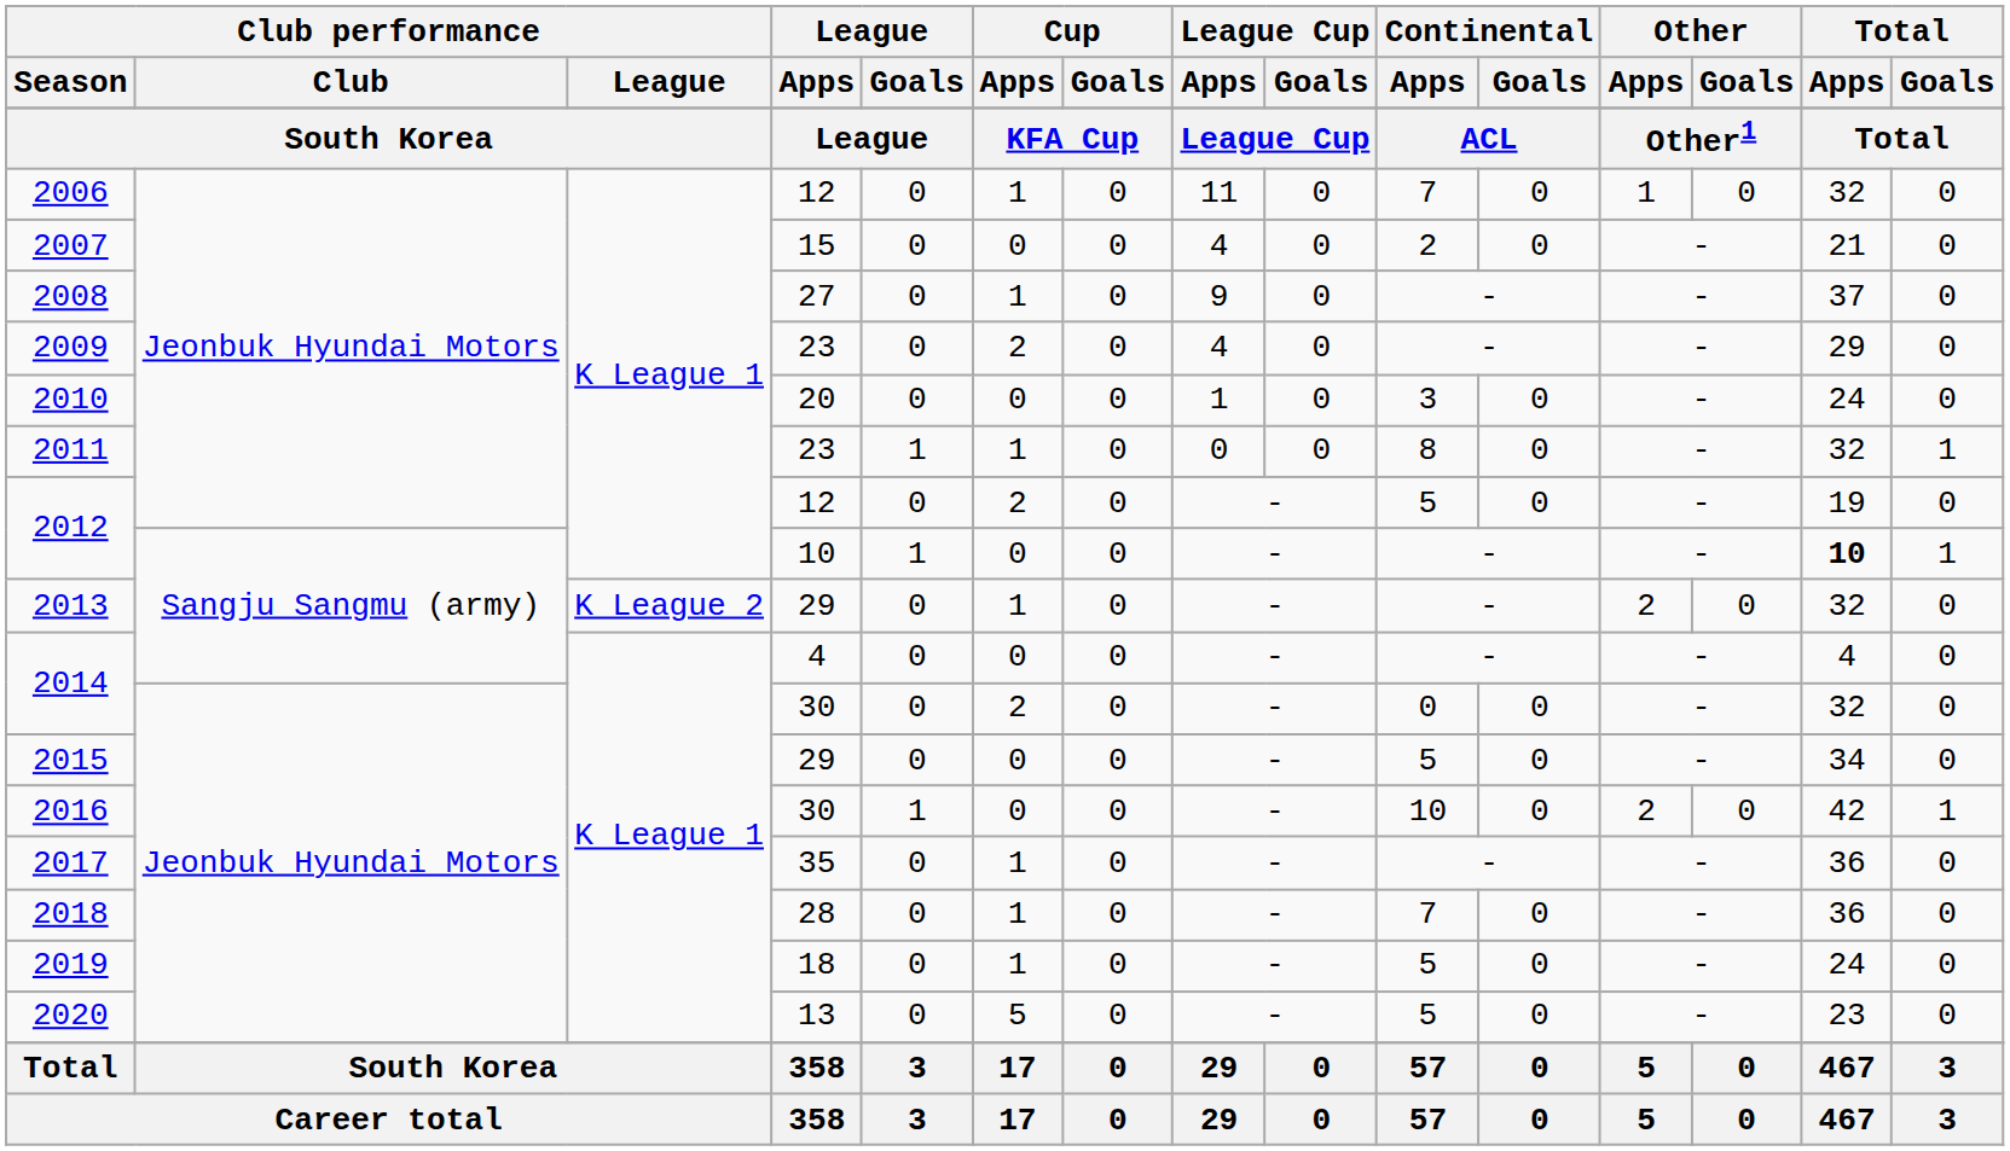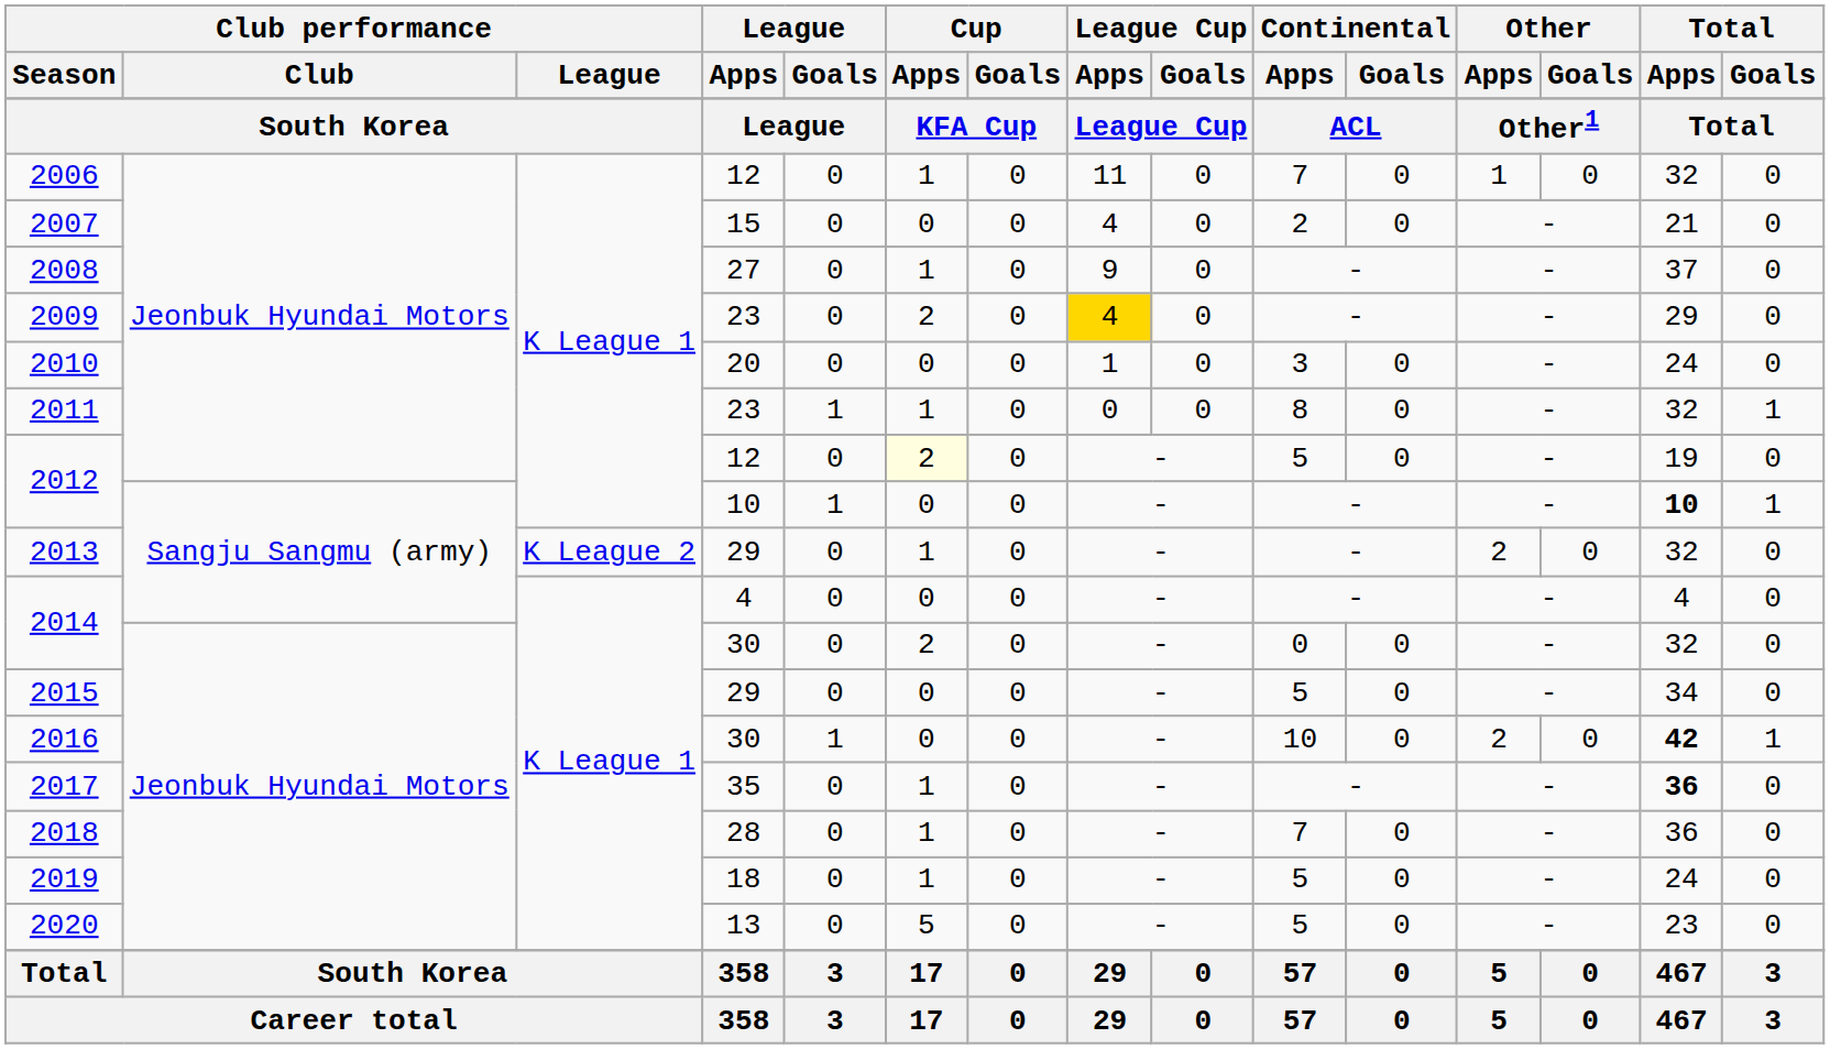 <table class="wikitable" style="text-align:center">
 <tr>
 <th colspan=3>Club performance</th>
 <th colspan=2>League</th>
 <th colspan=2>Cup</th>
 <th colspan=2>League Cup</th>
 <th colspan=2>Continental</th>
 <th colspan=2>Other</th>
 <th colspan=2>Total</th>
 </tr>
 <tr>
 <th>Season</th>
 <th>Club</th>
 <th>League</th>
 <th>Apps</th>
 <th>Goals</th>
 <th>Apps</th>
 <th>Goals</th>
 <th>Apps</th>
 <th>Goals</th>
 <th>Apps</th>
 <th>Goals</th>
 <th>Apps</th>
 <th>Goals</th>
 <th>Apps</th>
 <th>Goals</th>
 </tr>
 <tr>
 </tr>
 <tr>
 <th colspan=3>South Korea</th>
 <th colspan=2>League</th>
 <th colspan=2><a href='#'>KFA Cup</a></th>
 <th colspan=2><a href='#'>League Cup</a></th>
 <th colspan=2><a href='#'>ACL</a></th>
 <th colspan=2>Other<sup><a href='#'>1</a></sup></th>
 <th colspan=2>Total</th>
 </tr>
 <tr>
 <td><a href='#'>2006</a></td>
 <td rowspan="7"><a href='#'>Jeonbuk Hyundai Motors</a></td>
 <td rowspan="8"><a href='#'>K League 1</a></td>
 <td>12</td>
 <td>0</td>
 <td>1</td>
 <td>0</td>
 <td>11</td>
 <td>0</td>
 <td>7</td>
 <td>0</td>
 <td>1</td>
 <td>0</td>
 <td>32</td>
 <td>0</td>
 </tr>
 <tr>
 <td><a href='#'>2007</a></td>
 <td>15</td>
 <td>0</td>
 <td>0</td>
 <td>0</td>
 <td>4</td>
 <td>0</td>
 <td>2</td>
 <td>0</td>
 <td colspan="2">-</td>
 <td>21</td>
 <td>0</td>
 </tr>
 <tr>
 <td><a href='#'>2008</a></td>
 <td>27</td>
 <td>0</td>
 <td>1</td>
 <td>0</td>
 <td>9</td>
 <td>0</td>
 <td colspan="2">-</td>
 <td colspan="2">-</td>
 <td>37</td>
 <td>0</td>
 </tr>
 <tr>
 <td><a href='#'>2009</a></td>
 <td>23</td>
 <td>0</td>
 <td>2</td>
 <td>0</td>
-<td>4</td>
+<td style="background: gold;">4</td>
 <td>0</td>
 <td colspan="2">-</td>
 <td colspan="2">-</td>
 <td>29</td>
 <td>0</td>
 </tr>
 <tr>
 <td><a href='#'>2010</a></td>
 <td>20</td>
 <td>0</td>
 <td>0</td>
 <td>0</td>
 <td>1</td>
 <td>0</td>
 <td>3</td>
 <td>0</td>
 <td colspan="2">-</td>
 <td>24</td>
 <td>0</td>
 </tr>
 <tr>
 <td><a href='#'>2011</a></td>
 <td>23</td>
 <td>1</td>
 <td>1</td>
 <td>0</td>
 <td>0</td>
 <td>0</td>
 <td>8</td>
 <td>0</td>
 <td colspan="2">-</td>
 <td>32</td>
 <td>1</td>
 </tr>
 <tr>
 <td rowspan="2"><a href='#'>2012</a></td>
 <td>12</td>
 <td>0</td>
-<td>2</td>
+<td style="background: lightyellow;">2</td>
 <td>0</td>
 <td colspan="2">-</td>
 <td>5</td>
 <td>0</td>
 <td colspan="2">-</td>
 <td>19</td>
 <td>0</td>
 </tr>
 <tr>
 <td rowspan="3"><a href='#'>Sangju Sangmu</a> (army)</td>
 <td>10</td>
 <td>1</td>
 <td>0</td>
 <td>0</td>
 <td colspan="2">-</td>
 <td colspan="2">-</td>
 <td colspan="2">-</td>
 <td><strong>10</strong></td>
 <td>1</td>
 </tr>
 <tr>
 <td><a href='#'>2013</a></td>
 <td><a href='#'>K League 2</a></td>
 <td>29</td>
 <td>0</td>
 <td>1</td>
 <td>0</td>
 <td colspan="2">-</td>
 <td colspan="2">-</td>
 <td>2</td>
 <td>0</td>
 <td>32</td>
 <td>0</td>
 </tr>
 <tr>
 <td rowspan="2"><a href='#'>2014</a></td>
 <td rowspan="8"><a href='#'>K League 1</a></td>
 <td>4</td>
 <td>0</td>
 <td>0</td>
 <td>0</td>
 <td colspan="2">-</td>
 <td colspan="2">-</td>
 <td colspan="2">-</td>
 <td>4</td>
 <td>0</td>
 </tr>
 <tr>
 <td rowspan="7"><a href='#'>Jeonbuk Hyundai Motors</a></td>
 <td>30</td>
 <td>0</td>
 <td>2</td>
 <td>0</td>
 <td colspan="2">-</td>
 <td>0</td>
 <td>0</td>
 <td colspan="2">-</td>
 <td>32</td>
 <td>0</td>
 </tr>
 <tr>
 <td><a href='#'>2015</a></td>
 <td>29</td>
 <td>0</td>
 <td>0</td>
 <td>0</td>
 <td colspan="2">-</td>
 <td>5</td>
 <td>0</td>
 <td colspan="2">-</td>
 <td>34</td>
 <td>0</td>
 </tr>
 <tr>
 <td><a href='#'>2016</a></td>
 <td>30</td>
 <td>1</td>
 <td>0</td>
 <td>0</td>
 <td colspan="2">-</td>
 <td>10</td>
 <td>0</td>
 <td>2</td>
 <td>0</td>
-<td>42</td>
+<td><strong>42</strong></td>
 <td>1</td>
 </tr>
 <tr>
 <td><a href='#'>2017</a></td>
 <td>35</td>
 <td>0</td>
 <td>1</td>
 <td>0</td>
 <td colspan="2">-</td>
 <td colspan="2">-</td>
 <td colspan="2">-</td>
-<td>36</td>
+<td><strong>36</strong></td>
 <td>0</td>
 </tr>
 <tr>
 <td><a href='#'>2018</a></td>
 <td>28</td>
 <td>0</td>
 <td>1</td>
 <td>0</td>
 <td colspan="2">-</td>
 <td>7</td>
 <td>0</td>
 <td colspan="2">-</td>
 <td>36</td>
 <td>0</td>
 </tr>
 <tr>
 <td><a href='#'>2019</a></td>
 <td>18</td>
 <td>0</td>
 <td>1</td>
 <td>0</td>
 <td colspan="2">-</td>
 <td>5</td>
 <td>0</td>
 <td colspan="2">-</td>
 <td>24</td>
 <td>0</td>
 </tr>
 <tr>
 <td><a href='#'>2020</a></td>
 <td>13</td>
 <td>0</td>
 <td>5</td>
 <td>0</td>
 <td colspan="2">-</td>
 <td>5</td>
 <td>0</td>
 <td colspan="2">-</td>
 <td>23</td>
 <td>0</td>
 </tr>
 <tr>
 </tr>
 <tr>
 <th rowspan=1>Total</th>
 <th colspan=2>South Korea</th>
 <th>358</th>
 <th>3</th>
 <th>17</th>
 <th>0</th>
 <th>29</th>
 <th>0</th>
 <th>57</th>
 <th>0</th>
 <th>5</th>
 <th>0</th>
 <th>467</th>
 <th>3</th>
 </tr>
 <tr>
 <th colspan=3>Career total</th>
 <th>358</th>
 <th>3</th>
 <th>17</th>
 <th>0</th>
 <th>29</th>
 <th>0</th>
 <th>57</th>
 <th>0</th>
 <th>5</th>
 <th>0</th>
 <th>467</th>
 <th>3</th>
 </tr>
 </table>
